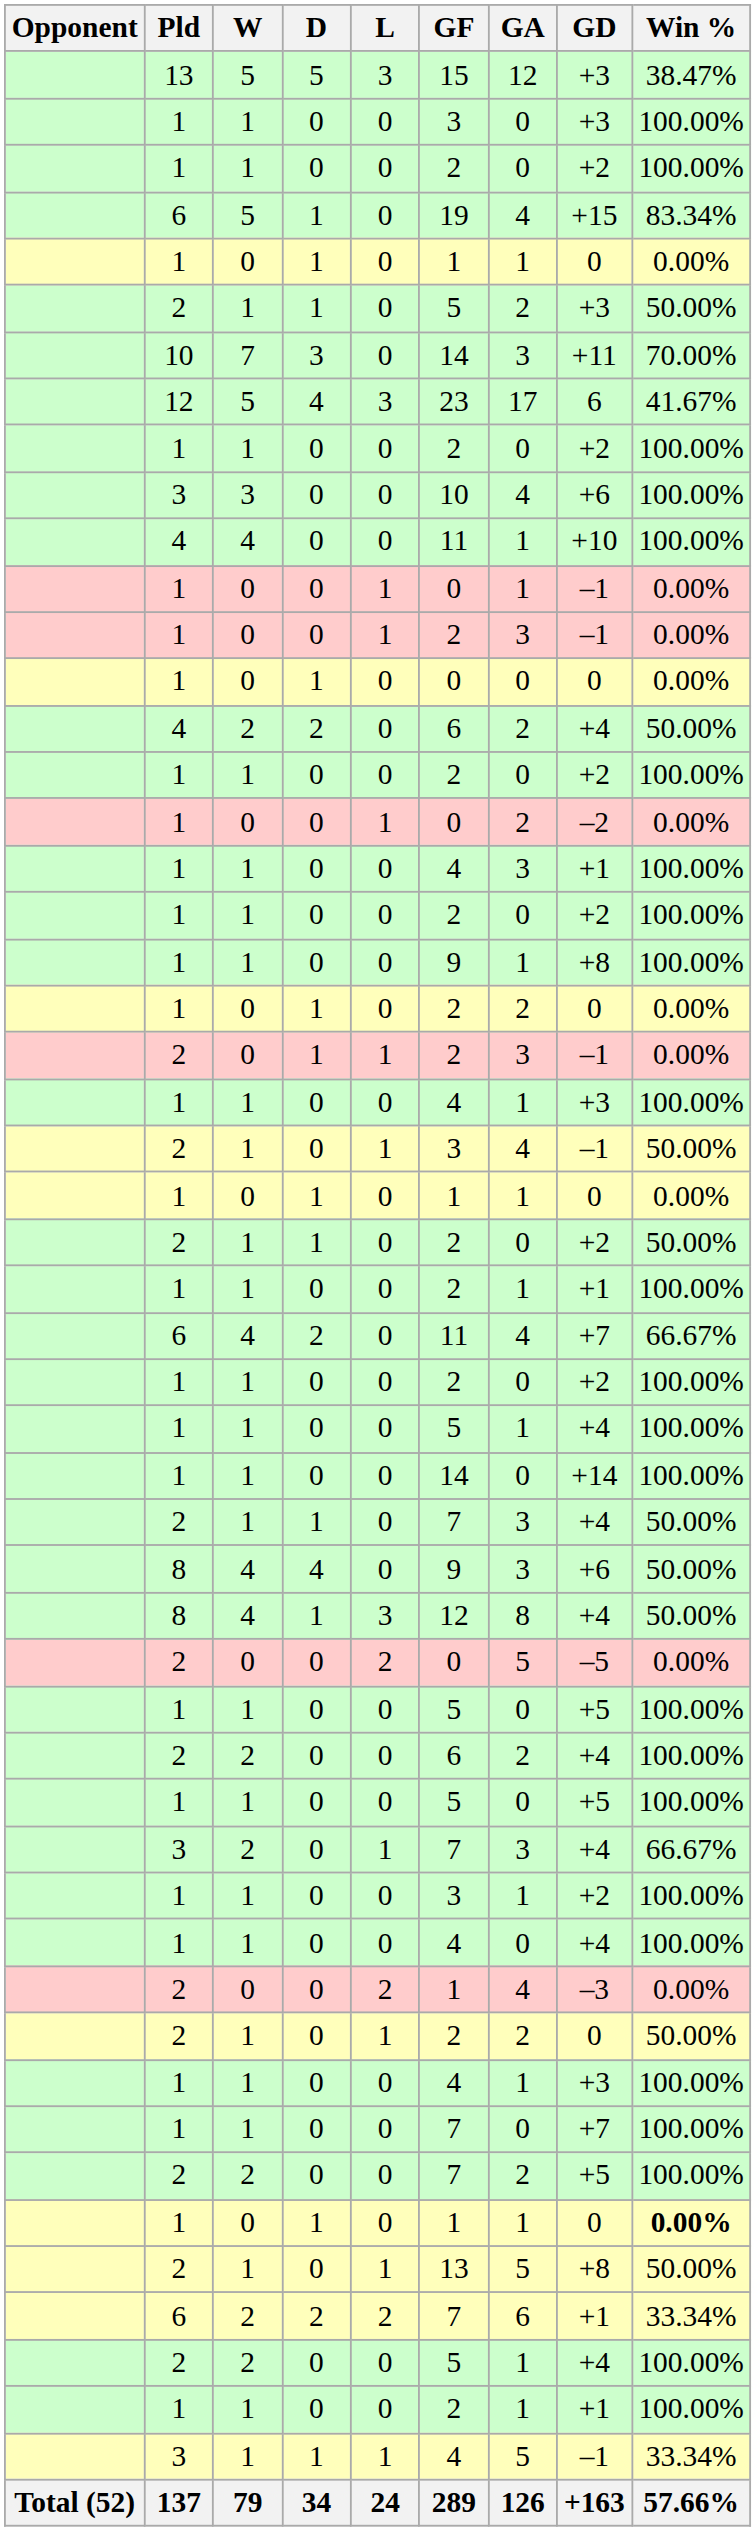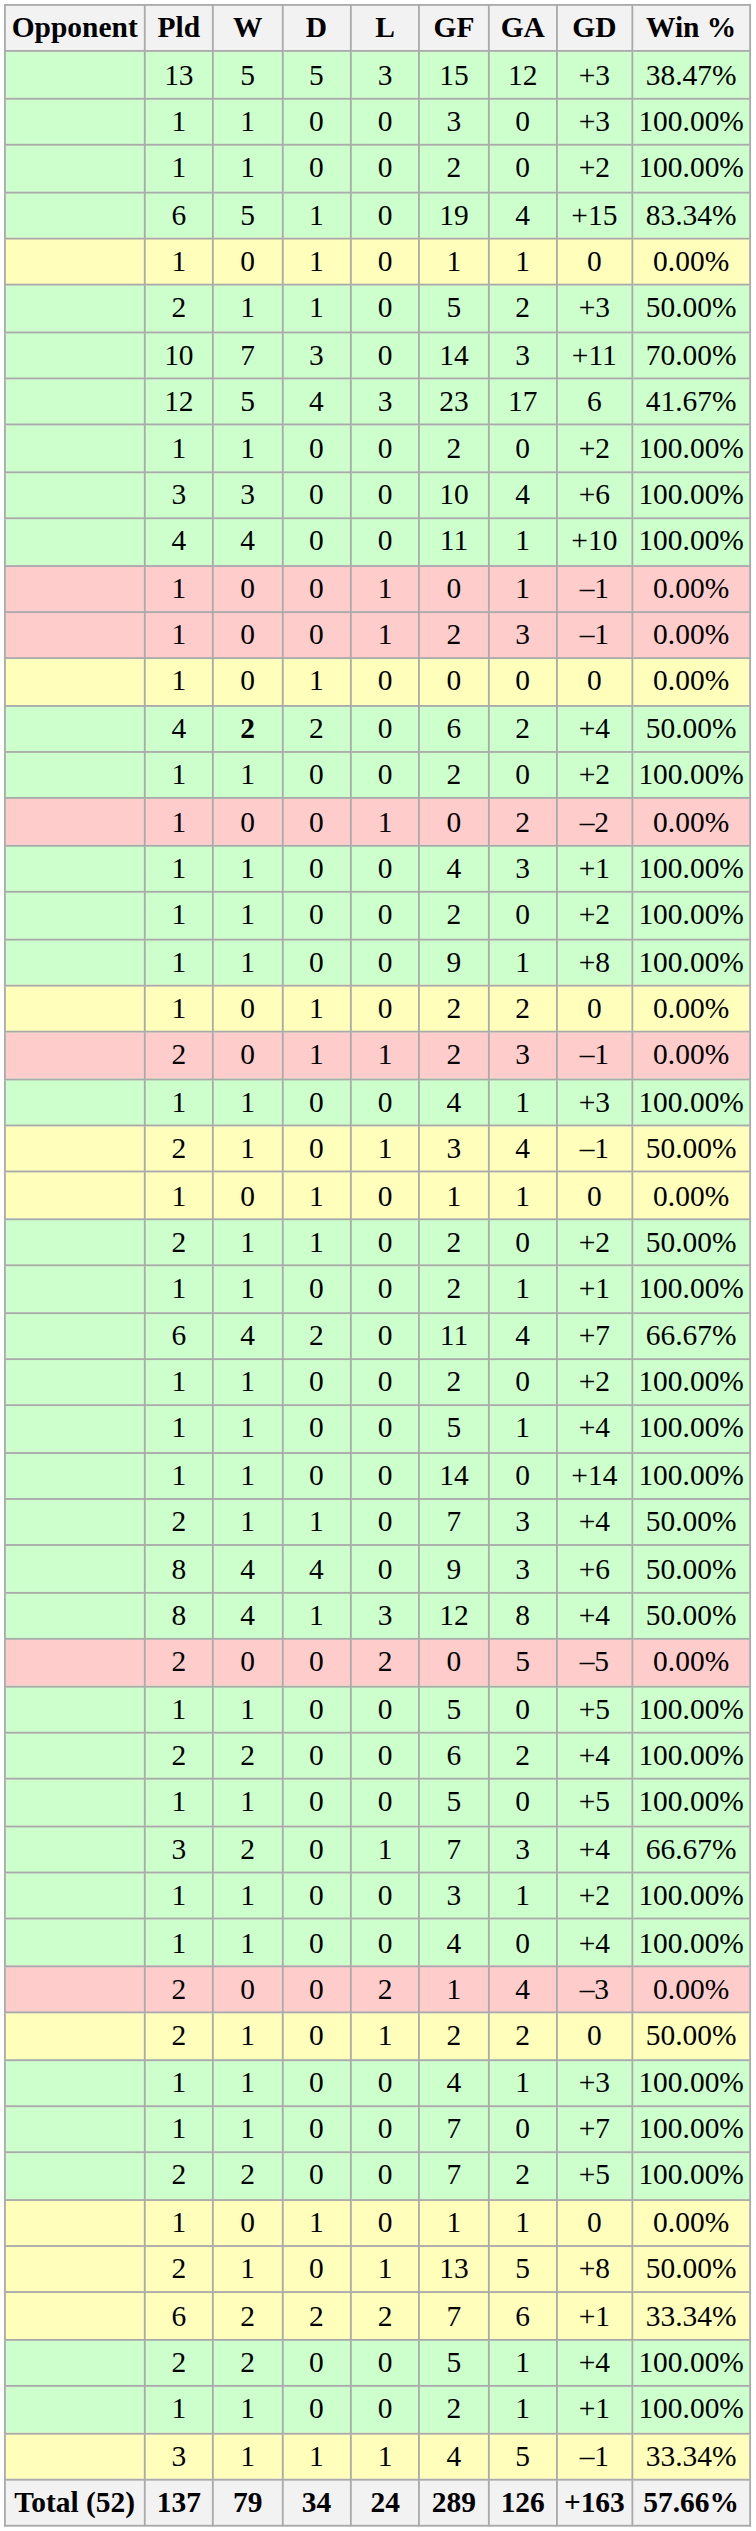 <table class="wikitable sortable" style="text-align: center">
 <tr>
 <th width=30>Opponent<br></th>
 <th width=30>Pld<br></th>
 <th width=30>W<br></th>
 <th width=30>D<br></th>
 <th width=30>L<br></th>
 <th width=30>GF<br></th>
 <th width=30>GA<br></th>
 <th width=30>GD<br></th>
 <th width=30>Win %<br></th>
 </tr>
 <tr style="background-color:#cfc">
 <td style="text-align:left;"></td>
 <td>13</td>
 <td>5</td>
 <td>5</td>
 <td>3</td>
 <td>15</td>
 <td>12</td>
 <td>+3</td>
 <td>38.47%</td>
 </tr>
 <tr style="background-color:#cfc">
 <td style="text-align:left;"></td>
 <td>1</td>
 <td>1</td>
 <td>0</td>
 <td>0</td>
 <td>3</td>
 <td>0</td>
 <td>+3</td>
 <td>100.00%</td>
 </tr>
 <tr style="background-color:#cfc">
 <td style="text-align:left;"></td>
 <td>1</td>
 <td>1</td>
 <td>0</td>
 <td>0</td>
 <td>2</td>
 <td>0</td>
 <td>+2</td>
 <td>100.00%</td>
 </tr>
 <tr style="background-color:#cfc">
 <td style="text-align:left;"></td>
 <td>6</td>
 <td>5</td>
 <td>1</td>
 <td>0</td>
 <td>19</td>
 <td>4</td>
 <td>+15</td>
 <td>83.34%</td>
 </tr>
 <tr style="background-color:#ffffbb">
 <td style="text-align:left;"></td>
 <td>1</td>
 <td>0</td>
 <td>1</td>
 <td>0</td>
 <td>1</td>
 <td>1</td>
 <td>0</td>
 <td>0.00%</td>
 </tr>
 <tr style="background-color:#cfc">
 <td style="text-align:left;"></td>
 <td>2</td>
 <td>1</td>
 <td>1</td>
 <td>0</td>
 <td>5</td>
 <td>2</td>
 <td>+3</td>
 <td>50.00%</td>
 </tr>
 <tr style="background-color:#cfc">
 <td style="text-align:left;"></td>
 <td>10</td>
 <td>7</td>
 <td>3</td>
 <td>0</td>
 <td>14</td>
 <td>3</td>
 <td>+11</td>
 <td>70.00%</td>
 </tr>
 <tr style="background-color:#cfc">
 <td style="text-align:left;"></td>
 <td>12</td>
 <td>5</td>
 <td>4</td>
 <td>3</td>
 <td>23</td>
 <td>17</td>
 <td>6</td>
 <td>41.67%</td>
 </tr>
 <tr style="background-color:#cfc">
 <td style="text-align:left;"></td>
 <td>1</td>
 <td>1</td>
 <td>0</td>
 <td>0</td>
 <td>2</td>
 <td>0</td>
 <td>+2</td>
 <td>100.00%</td>
 </tr>
 <tr style="background-color:#cfc">
 <td style="text-align:left;"></td>
 <td>3</td>
 <td>3</td>
 <td>0</td>
 <td>0</td>
 <td>10</td>
 <td>4</td>
 <td>+6</td>
 <td>100.00%</td>
 </tr>
 <tr style="background-color:#cfc">
 <td style="text-align:left;"></td>
 <td>4</td>
 <td>4</td>
 <td>0</td>
 <td>0</td>
 <td>11</td>
 <td>1</td>
 <td>+10</td>
 <td>100.00%</td>
 </tr>
 <tr style="background-color:#fcc">
 <td style="text-align:left;"></td>
 <td>1</td>
 <td>0</td>
 <td>0</td>
 <td>1</td>
 <td>0</td>
 <td>1</td>
 <td>–1</td>
 <td>0.00%</td>
 </tr>
 <tr style="background-color:#fcc">
 <td style="text-align:left;"></td>
 <td>1</td>
 <td>0</td>
 <td>0</td>
 <td>1</td>
 <td>2</td>
 <td>3</td>
 <td>–1</td>
 <td>0.00%</td>
 </tr>
 <tr style="background-color:#ffffbb">
 <td style="text-align:left;"></td>
 <td>1</td>
 <td>0</td>
 <td>1</td>
 <td>0</td>
 <td>0</td>
 <td>0</td>
 <td>0</td>
 <td>0.00%</td>
 </tr>
 <tr style="background-color:#cfc">
 <td style="text-align:left;"></td>
 <td>4</td>
-<td>2</td>
+<td><strong>2</strong></td>
 <td>2</td>
 <td>0</td>
 <td>6</td>
 <td>2</td>
 <td>+4</td>
 <td>50.00%</td>
 </tr>
 <tr style="background-color:#cfc">
 <td style="text-align:left;"></td>
 <td>1</td>
 <td>1</td>
 <td>0</td>
 <td>0</td>
 <td>2</td>
 <td>0</td>
 <td>+2</td>
 <td>100.00%</td>
 </tr>
 <tr style="background-color:#fcc">
 <td style="text-align:left;"></td>
 <td>1</td>
 <td>0</td>
 <td>0</td>
 <td>1</td>
 <td>0</td>
 <td>2</td>
 <td>–2</td>
 <td>0.00%</td>
 </tr>
 <tr style="background-color:#cfc">
 <td style="text-align:left;"></td>
 <td>1</td>
 <td>1</td>
 <td>0</td>
 <td>0</td>
 <td>4</td>
 <td>3</td>
 <td>+1</td>
 <td>100.00%</td>
 </tr>
 <tr style="background-color:#cfc">
 <td style="text-align:left;"></td>
 <td>1</td>
 <td>1</td>
 <td>0</td>
 <td>0</td>
 <td>2</td>
 <td>0</td>
 <td>+2</td>
 <td>100.00%</td>
 </tr>
 <tr style="background-color:#cfc">
 <td style="text-align:left;"></td>
 <td>1</td>
 <td>1</td>
 <td>0</td>
 <td>0</td>
 <td>9</td>
 <td>1</td>
 <td>+8</td>
 <td>100.00%</td>
 </tr>
 <tr style="background-color:#ffffbb">
 <td style="text-align:left;"></td>
 <td>1</td>
 <td>0</td>
 <td>1</td>
 <td>0</td>
 <td>2</td>
 <td>2</td>
 <td>0</td>
 <td>0.00%</td>
 </tr>
 <tr style="background-color:#fcc">
 <td style="text-align:left;"></td>
 <td>2</td>
 <td>0</td>
 <td>1</td>
 <td>1</td>
 <td>2</td>
 <td>3</td>
 <td>–1</td>
 <td>0.00%</td>
 </tr>
 <tr style="background-color:#cfc">
 <td style="text-align:left;"></td>
 <td>1</td>
 <td>1</td>
 <td>0</td>
 <td>0</td>
 <td>4</td>
 <td>1</td>
 <td>+3</td>
 <td>100.00%</td>
 </tr>
 <tr style="background-color:#ffffbb">
 <td style="text-align:left;"></td>
 <td>2</td>
 <td>1</td>
 <td>0</td>
 <td>1</td>
 <td>3</td>
 <td>4</td>
 <td>–1</td>
 <td>50.00%</td>
 </tr>
 <tr style="background-color:#ffffbb">
 <td style="text-align:left;"></td>
 <td>1</td>
 <td>0</td>
 <td>1</td>
 <td>0</td>
 <td>1</td>
 <td>1</td>
 <td>0</td>
 <td>0.00%</td>
 </tr>
 <tr style="background-color:#cfc">
 <td style="text-align:left;"></td>
 <td>2</td>
 <td>1</td>
 <td>1</td>
 <td>0</td>
 <td>2</td>
 <td>0</td>
 <td>+2</td>
 <td>50.00%</td>
 </tr>
 <tr style="background-color:#cfc">
 <td style="text-align:left;"></td>
 <td>1</td>
 <td>1</td>
 <td>0</td>
 <td>0</td>
 <td>2</td>
 <td>1</td>
 <td>+1</td>
 <td>100.00%</td>
 </tr>
 <tr style="background-color:#cfc">
 <td style="text-align:left;"></td>
 <td>6</td>
 <td>4</td>
 <td>2</td>
 <td>0</td>
 <td>11</td>
 <td>4</td>
 <td>+7</td>
 <td>66.67%</td>
 </tr>
 <tr style="background-color:#cfc">
 <td style="text-align:left;"></td>
 <td>1</td>
 <td>1</td>
 <td>0</td>
 <td>0</td>
 <td>2</td>
 <td>0</td>
 <td>+2</td>
 <td>100.00%</td>
 </tr>
 <tr style="background-color:#cfc">
 <td style="text-align:left;"></td>
 <td>1</td>
 <td>1</td>
 <td>0</td>
 <td>0</td>
 <td>5</td>
 <td>1</td>
 <td>+4</td>
 <td>100.00%</td>
 </tr>
 <tr style="background-color:#cfc">
 <td style="text-align:left;"></td>
 <td>1</td>
 <td>1</td>
 <td>0</td>
 <td>0</td>
 <td>14</td>
 <td>0</td>
 <td>+14</td>
 <td>100.00%</td>
 </tr>
 <tr style="background-color:#cfc">
 <td style="text-align:left;"></td>
 <td>2</td>
 <td>1</td>
 <td>1</td>
 <td>0</td>
 <td>7</td>
 <td>3</td>
 <td>+4</td>
 <td>50.00%</td>
 </tr>
 <tr style="background-color:#cfc">
 <td style="text-align:left;"></td>
 <td>8</td>
 <td>4</td>
 <td>4</td>
 <td>0</td>
 <td>9</td>
 <td>3</td>
 <td>+6</td>
 <td>50.00%</td>
 </tr>
 <tr style="background-color:#cfc">
 <td style="text-align:left;"></td>
 <td>8</td>
 <td>4</td>
 <td>1</td>
 <td>3</td>
 <td>12</td>
 <td>8</td>
 <td>+4</td>
 <td>50.00%</td>
 </tr>
 <tr style="background-color:#fcc">
 <td style="text-align:left;"></td>
 <td>2</td>
 <td>0</td>
 <td>0</td>
 <td>2</td>
 <td>0</td>
 <td>5</td>
 <td>–5</td>
 <td>0.00%</td>
 </tr>
 <tr style="background-color:#cfc">
 <td style="text-align:left;"></td>
 <td>1</td>
 <td>1</td>
 <td>0</td>
 <td>0</td>
 <td>5</td>
 <td>0</td>
 <td>+5</td>
 <td>100.00%</td>
 </tr>
 <tr style="background-color:#cfc">
 <td style="text-align:left;"></td>
 <td>2</td>
 <td>2</td>
 <td>0</td>
 <td>0</td>
 <td>6</td>
 <td>2</td>
 <td>+4</td>
 <td>100.00%</td>
 </tr>
 <tr style="background-color:#cfc">
 <td style="text-align:left;"></td>
 <td>1</td>
 <td>1</td>
 <td>0</td>
 <td>0</td>
 <td>5</td>
 <td>0</td>
 <td>+5</td>
 <td>100.00%</td>
 </tr>
 <tr style="background-color:#cfc">
 <td style="text-align:left;"></td>
 <td>3</td>
 <td>2</td>
 <td>0</td>
 <td>1</td>
 <td>7</td>
 <td>3</td>
 <td>+4</td>
 <td>66.67%</td>
 </tr>
 <tr style="background-color:#cfc">
 <td style="text-align:left;"></td>
 <td>1</td>
 <td>1</td>
 <td>0</td>
 <td>0</td>
 <td>3</td>
 <td>1</td>
 <td>+2</td>
 <td>100.00%</td>
 </tr>
 <tr style="background-color:#cfc">
 <td style="text-align:left;"></td>
 <td>1</td>
 <td>1</td>
 <td>0</td>
 <td>0</td>
 <td>4</td>
 <td>0</td>
 <td>+4</td>
 <td>100.00%</td>
 </tr>
 <tr style="background-color:#fcc">
 <td style="text-align:left;"></td>
 <td>2</td>
 <td>0</td>
 <td>0</td>
 <td>2</td>
 <td>1</td>
 <td>4</td>
 <td>–3</td>
 <td>0.00%</td>
 </tr>
 <tr style="background-color:#ffffbb">
 <td style="text-align:left;"></td>
 <td>2</td>
 <td>1</td>
 <td>0</td>
 <td>1</td>
 <td>2</td>
 <td>2</td>
 <td>0</td>
 <td>50.00%</td>
 </tr>
 <tr style="background-color:#cfc">
 <td style="text-align:left;"></td>
 <td>1</td>
 <td>1</td>
 <td>0</td>
 <td>0</td>
 <td>4</td>
 <td>1</td>
 <td>+3</td>
 <td>100.00%</td>
 </tr>
 <tr style="background-color:#cfc">
 <td style="text-align:left;"></td>
 <td>1</td>
 <td>1</td>
 <td>0</td>
 <td>0</td>
 <td>7</td>
 <td>0</td>
 <td>+7</td>
 <td>100.00%</td>
 </tr>
 <tr style="background-color:#cfc">
 <td style="text-align:left;"></td>
 <td>2</td>
 <td>2</td>
 <td>0</td>
 <td>0</td>
 <td>7</td>
 <td>2</td>
 <td>+5</td>
 <td>100.00%</td>
 </tr>
 <tr style="background-color:#ffffbb">
 <td style="text-align:left;"></td>
 <td>1</td>
 <td>0</td>
 <td>1</td>
 <td>0</td>
 <td>1</td>
 <td>1</td>
 <td>0</td>
-<td><strong>0.00%</strong></td>
+<td>0.00%</td>
 </tr>
 <tr style="background-color:#ffffbb">
 <td style="text-align:left;"></td>
 <td>2</td>
 <td>1</td>
 <td>0</td>
 <td>1</td>
 <td>13</td>
 <td>5</td>
 <td>+8</td>
 <td>50.00%</td>
 </tr>
 <tr style="background-color:#ffffbb">
 <td style="text-align:left;"></td>
 <td>6</td>
 <td>2</td>
 <td>2</td>
 <td>2</td>
 <td>7</td>
 <td>6</td>
 <td>+1</td>
 <td>33.34%</td>
 </tr>
 <tr style="background-color:#cfc">
 <td style="text-align:left;"></td>
 <td>2</td>
 <td>2</td>
 <td>0</td>
 <td>0</td>
 <td>5</td>
 <td>1</td>
 <td>+4</td>
 <td>100.00%</td>
 </tr>
 <tr style="background-color:#cfc">
 <td style="text-align:left;"></td>
 <td>1</td>
 <td>1</td>
 <td>0</td>
 <td>0</td>
 <td>2</td>
 <td>1</td>
 <td>+1</td>
 <td>100.00%</td>
 </tr>
 <tr style="background-color:#ffffbb">
 <td style="text-align:left;"></td>
 <td>3</td>
 <td>1</td>
 <td>1</td>
 <td>1</td>
 <td>4</td>
 <td>5</td>
 <td>–1</td>
 <td>33.34%</td>
 </tr>
 <tr>
 <th>Total (52)</th>
 <th>137</th>
 <th>79</th>
 <th>34</th>
 <th>24</th>
 <th>289</th>
 <th>126</th>
 <th>+163</th>
 <th>57.66%</th>
 </tr>
 </table>
